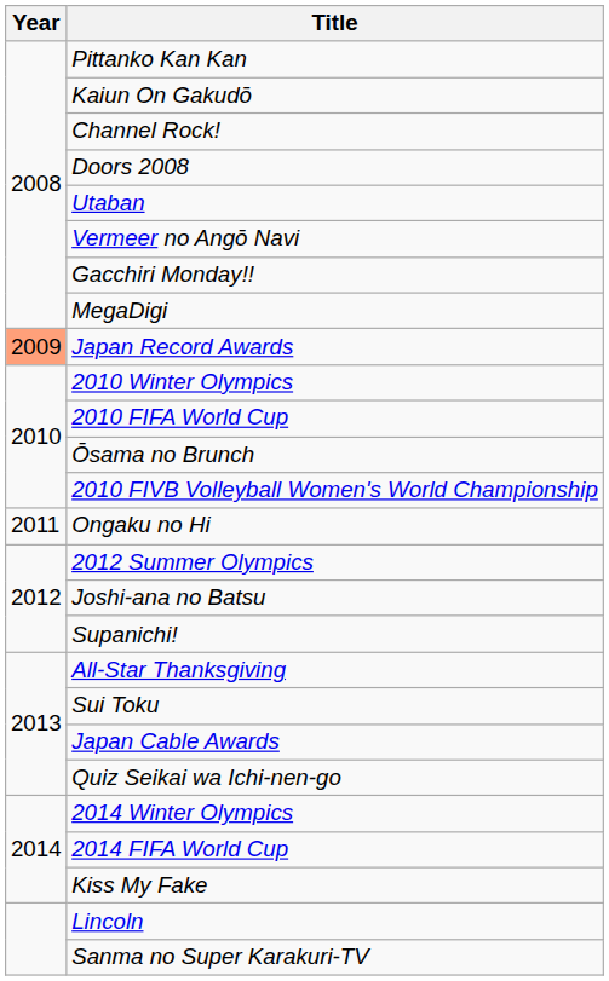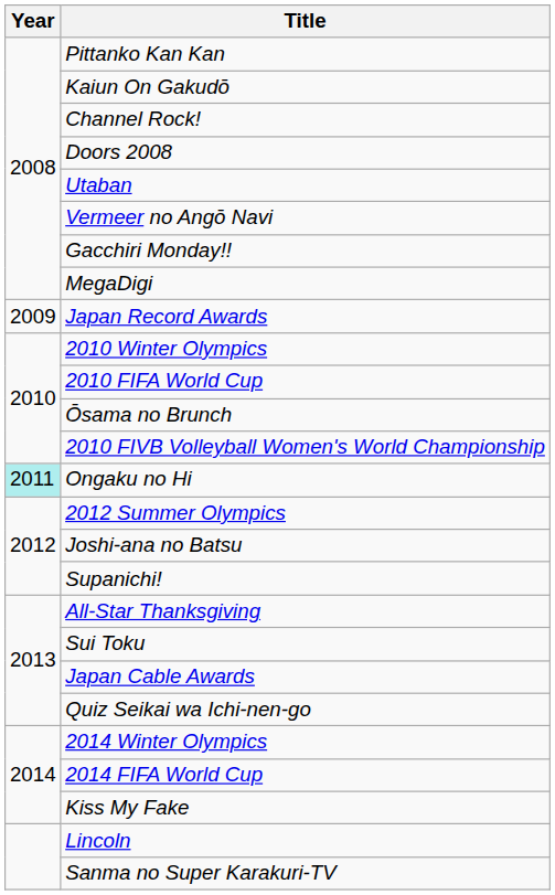 <table class="wikitable">
 <tr>
 <th>Year</th>
 <th>Title</th>
 </tr>
 <tr>
 <td rowspan="8">2008</td>
 <td><em>Pittanko Kan Kan</em></td>
 </tr>
 <tr>
 <td><em>Kaiun On Gakudō</em></td>
 </tr>
 <tr>
 <td><em>Channel Rock!</em></td>
 </tr>
 <tr>
 <td><em>Doors 2008</em></td>
 </tr>
 <tr>
 <td><em><a href='#'>Utaban</a></em></td>
 </tr>
 <tr>
 <td><em><a href='#'>Vermeer</a> no Angō Navi</em></td>
 </tr>
 <tr>
 <td><em>Gacchiri Monday!!</em></td>
 </tr>
 <tr>
 <td><em>MegaDigi</em></td>
 </tr>
 <tr>
-<td style="background: lightsalmon;">2009</td>
+<td>2009</td>
 <td><em><a href='#'>Japan Record Awards</a></em></td>
 </tr>
 <tr>
 <td rowspan="4">2010</td>
 <td><em><a href='#'>2010 Winter Olympics</a></em></td>
 </tr>
 <tr>
 <td><em><a href='#'>2010 FIFA World Cup</a></em></td>
 </tr>
 <tr>
 <td><em>Ōsama no Brunch</em></td>
 </tr>
 <tr>
 <td><em><a href='#'>2010 FIVB Volleyball Women's World Championship</a></em></td>
 </tr>
 <tr>
-<td>2011</td>
+<td style="background: paleturquoise;">2011</td>
 <td><em>Ongaku no Hi</em></td>
 </tr>
 <tr>
 <td rowspan="3">2012</td>
 <td><em><a href='#'>2012 Summer Olympics</a></em></td>
 </tr>
 <tr>
 <td><em>Joshi-ana no Batsu</em></td>
 </tr>
 <tr>
 <td><em>Supanichi!</em></td>
 </tr>
 <tr>
 <td rowspan="4">2013</td>
 <td><em><a href='#'>All-Star Thanksgiving</a></em></td>
 </tr>
 <tr>
 <td><em>Sui Toku</em></td>
 </tr>
 <tr>
 <td><em><a href='#'>Japan Cable Awards</a></em></td>
 </tr>
 <tr>
 <td><em>Quiz Seikai wa Ichi-nen-go</em></td>
 </tr>
 <tr>
 <td rowspan="3">2014</td>
 <td><em><a href='#'>2014 Winter Olympics</a></em></td>
 </tr>
 <tr>
 <td><em><a href='#'>2014 FIFA World Cup</a></em></td>
 </tr>
 <tr>
 <td><em>Kiss My Fake</em></td>
 </tr>
 <tr>
 <td rowspan="2"></td>
 <td><em><a href='#'>Lincoln</a></em></td>
 </tr>
 <tr>
 <td><em>Sanma no Super Karakuri-TV</em></td>
 </tr>
 </table>
